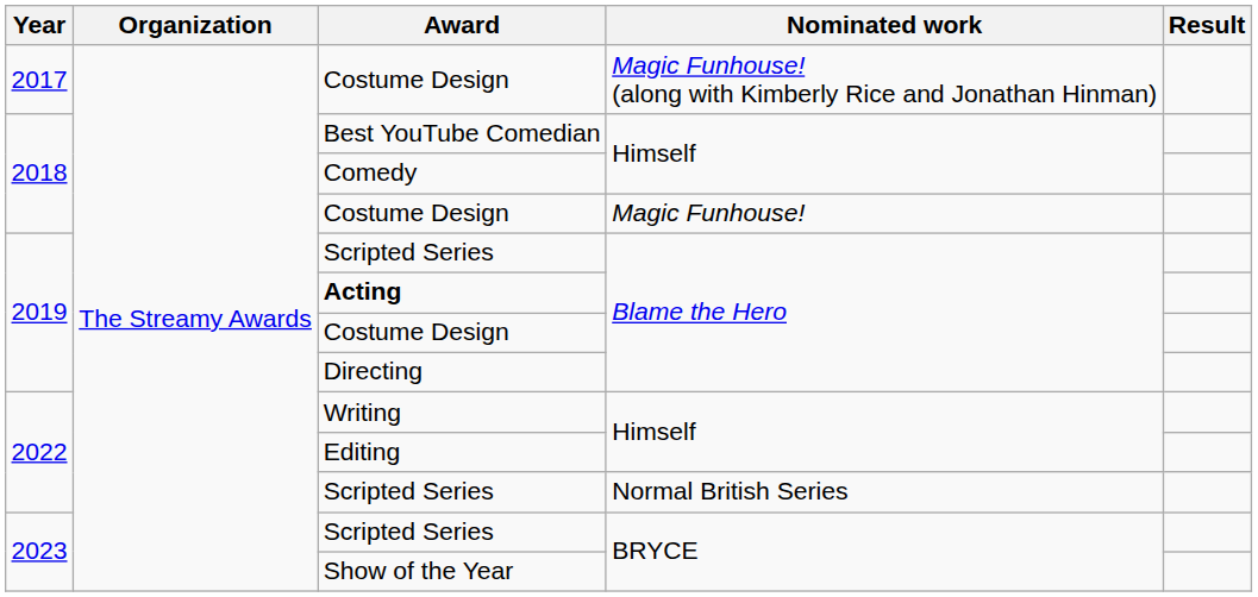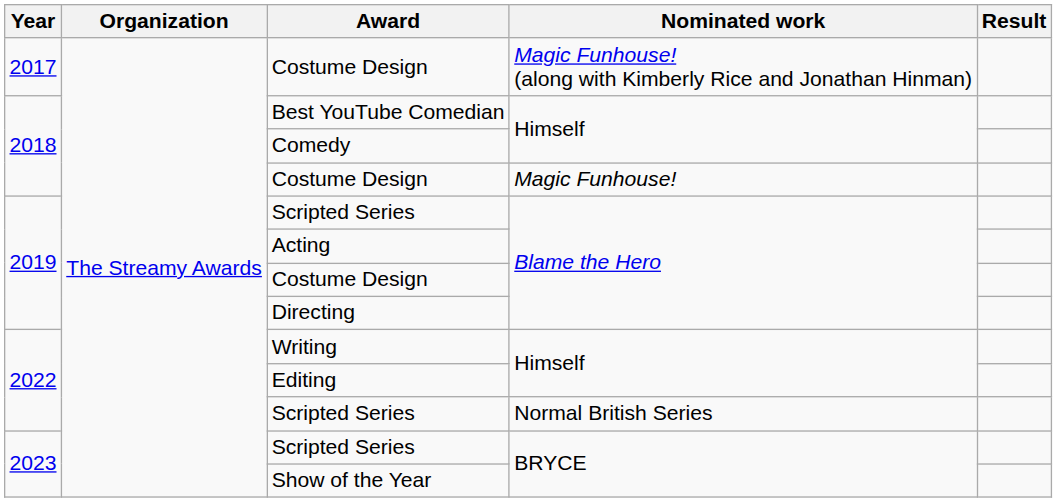 <table class="wikitable">
 <tr>
 <th>Year</th>
 <th>Organization</th>
 <th>Award</th>
 <th>Nominated work</th>
 <th>Result</th>
 </tr>
 <tr>
 <td><a href='#'>2017</a></td>
 <td rowspan="13"><a href='#'>The Streamy Awards</a></td>
 <td>Costume Design</td>
 <td><em><a href='#'>Magic Funhouse!</a></em><br>(along with Kimberly Rice and Jonathan Hinman)</td>
 <td></td>
 </tr>
 <tr>
 <td rowspan="3"><a href='#'>2018</a></td>
 <td>Best YouTube Comedian</td>
 <td rowspan="2">Himself</td>
 <td></td>
 </tr>
 <tr>
 <td>Comedy</td>
 <td></td>
 </tr>
 <tr>
 <td>Costume Design</td>
 <td><em>Magic Funhouse!</em></td>
 <td></td>
 </tr>
 <tr>
 <td rowspan="4"><a href='#'>2019</a></td>
 <td>Scripted Series</td>
 <td rowspan="4"><em><a href='#'>Blame the Hero</a></em></td>
 <td></td>
 </tr>
 <tr>
-<td><strong>Acting</strong></td>
+<td>Acting</td>
 <td></td>
 </tr>
 <tr>
 <td>Costume Design</td>
 <td></td>
 </tr>
 <tr>
 <td>Directing</td>
 <td></td>
 </tr>
 <tr>
 <td rowspan="3"><a href='#'>2022</a></td>
 <td>Writing</td>
 <td rowspan="2">Himself</td>
 <td></td>
 </tr>
 <tr>
 <td>Editing</td>
 <td></td>
 </tr>
 <tr>
 <td>Scripted Series</td>
 <td>Normal British Series</td>
 <td></td>
 </tr>
 <tr>
 <td rowspan="2"><a href='#'>2023</a></td>
 <td>Scripted Series</td>
 <td rowspan="2">BRYCE</td>
 <td></td>
 </tr>
 <tr>
 <td>Show of the Year</td>
 <td></td>
 </tr>
 </table>
